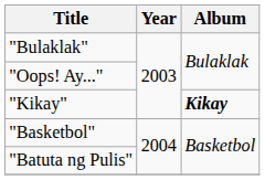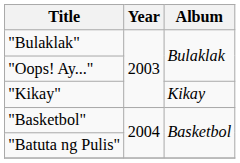 <table class="wikitable">
 <tr>
 <th>Title</th>
 <th>Year</th>
 <th>Album</th>
 </tr>
 <tr>
 <td>"Bulaklak"</td>
 <td rowspan='3'>2003</td>
 <td rowspan='2'><em>Bulaklak</em></td>
 </tr>
 <tr>
 <td>"Oops! Ay..."</td>
 </tr>
 <tr>
 <td>"Kikay"</td>
-<td><strong><em>Kikay</em></strong></td>
+<td><em>Kikay</em></td>
 </tr>
 <tr>
 <td>"Basketbol"</td>
 <td rowspan='2'>2004</td>
 <td rowspan='2'><em>Basketbol</em></td>
 </tr>
 <tr>
 <td>"Batuta ng Pulis"</td>
 </tr>
 <tr>
 </tr>
 </table>
